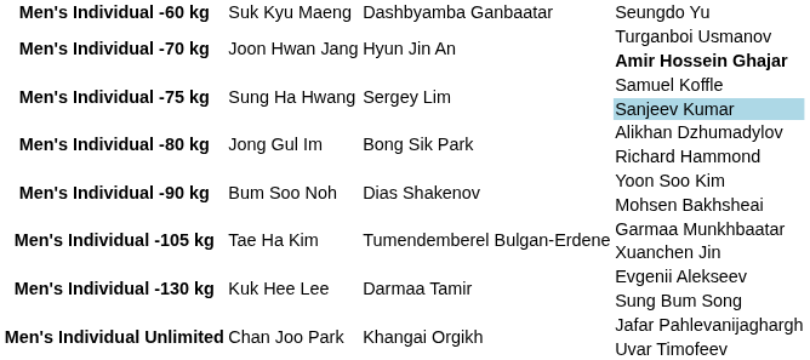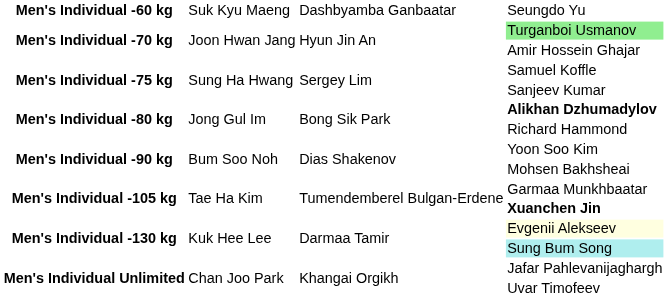 <table>
 <tr>
 <th scope=row rowspan=1>Men's Individual -60 kg</th>
 <td rowspan=1> Suk Kyu Maeng</td>
 <td rowspan=1> Dashbyamba Ganbaatar</td>
 <td rowspan=1> Seungdo Yu</td>
 </tr>
 <tr>
 <th scope=row rowspan=2>Men's Individual -70 kg</th>
 <td rowspan=2> Joon Hwan Jang</td>
 <td rowspan=2> Hyun Jin An</td>
-<td> Turganboi Usmanov</td>
+<td style="background: lightgreen;"> Turganboi Usmanov</td>
 </tr>
 <tr>
-<td><strong> Amir Hossein Ghajar</strong></td>
+<td> Amir Hossein Ghajar</td>
 </tr>
 <tr>
 <th scope=row rowspan=2>Men's Individual -75 kg</th>
 <td rowspan=2> Sung Ha Hwang</td>
 <td rowspan=2> Sergey Lim</td>
 <td> Samuel Koffle</td>
 </tr>
 <tr>
-<td style="background: lightblue;"> Sanjeev Kumar</td>
+<td> Sanjeev Kumar</td>
 </tr>
 <tr>
 <th scope=row rowspan=2>Men's Individual -80 kg</th>
 <td rowspan=2> Jong Gul Im</td>
 <td rowspan=2> Bong Sik Park</td>
-<td> Alikhan Dzhumadylov</td>
+<td><strong> Alikhan Dzhumadylov</strong></td>
 </tr>
 <tr>
 <td> Richard Hammond</td>
 </tr>
 <tr>
 <th scope=row rowspan=2>Men's Individual -90 kg</th>
 <td rowspan=2> Bum Soo Noh</td>
 <td rowspan=2> Dias Shakenov</td>
 <td> Yoon Soo Kim</td>
 </tr>
 <tr>
 <td> Mohsen Bakhsheai</td>
 </tr>
 <tr>
 <th scope=row rowspan=2>Men's Individual -105 kg</th>
 <td rowspan=2> Tae Ha Kim</td>
 <td rowspan=2> Tumendemberel Bulgan-Erdene</td>
 <td> Garmaa Munkhbaatar</td>
 </tr>
 <tr>
-<td> Xuanchen Jin</td>
+<td><strong> Xuanchen Jin</strong></td>
 </tr>
 <tr>
 <th scope=row rowspan=2>Men's Individual -130 kg</th>
 <td rowspan=2> Kuk Hee Lee</td>
 <td rowspan=2> Darmaa Tamir</td>
-<td> Evgenii Alekseev</td>
+<td style="background: lightyellow;"> Evgenii Alekseev</td>
 </tr>
 <tr>
-<td> Sung Bum Song</td>
+<td style="background: paleturquoise;"> Sung Bum Song</td>
 </tr>
 <tr>
 <th scope=row rowspan=2>Men's Individual Unlimited</th>
 <td rowspan=2> Chan Joo Park</td>
 <td rowspan=2> Khangai Orgikh</td>
 <td> Jafar Pahlevanijaghargh</td>
 </tr>
 <tr>
 <td> Uvar Timofeev</td>
 </tr>
 </table>
